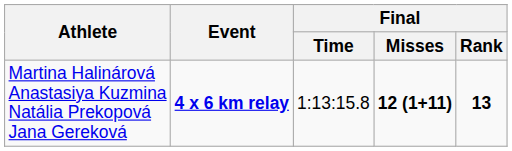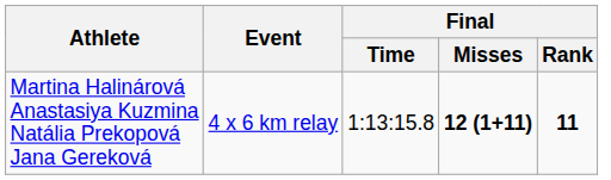 <table class="wikitable">
 <tr>
 <th rowspan="2">Athlete</th>
 <th rowspan="2">Event</th>
 <th colspan="3">Final</th>
 </tr>
 <tr>
 <th>Time</th>
 <th>Misses</th>
 <th>Rank</th>
 </tr>
 <tr align="center">
 <td align="left"><a href='#'>Martina Halinárová</a><br><a href='#'>Anastasiya Kuzmina</a><br><a href='#'>Natália Prekopová</a><br><a href='#'>Jana Gereková</a></td>
-<td><strong><a href='#'>4 x 6 km relay</a></strong></td>
+<td><a href='#'>4 x 6 km relay</a></td>
 <td>1:13:15.8</td>
 <td><strong>12 (1+11)</strong></td>
-<td><strong>13</strong></td>
+<td><strong>11</strong></td>
 </tr>
 </table>
